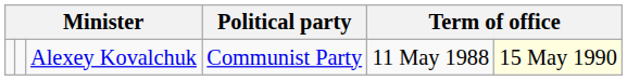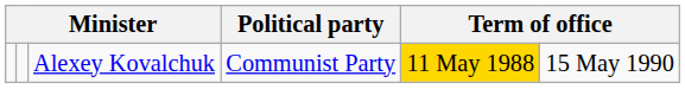 <table class="wikitable" style="text-align:center;">
 <tr>
 <th colspan=3>Minister</th>
 <th>Political party</th>
 <th colspan=2>Term of office</th>
 </tr>
 <tr>
 <td style="background: "></td>
 <td></td>
 <td><a href='#'>Alexey Kovalchuk</a></td>
 <td><a href='#'>Communist Party</a></td>
-<td>11 May 1988</td>
-<td style="background: lightyellow;">15 May 1990</td>
+<td style="background: gold;">11 May 1988</td>
+<td>15 May 1990</td>
 </tr>
 </table>
